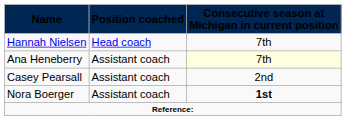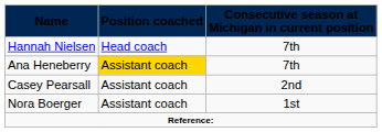 <table class="wikitable" style="font-size:93%;">
 <tr>
 <th style="background:#002654;"><span>Name</span></th>
 <th style="background:#002654;"><span>Position coached</span></th>
 <th style="background:#002654;"><span>Consecutive season at<br>Michigan in current position</span></th>
 </tr>
 <tr>
 <td><a href='#'>Hannah Nielsen</a></td>
 <td><a href='#'>Head coach</a></td>
 <td align=center>7th</td>
 </tr>
 <tr>
 <td>Ana Heneberry</td>
-<td>Assistant coach</td>
-<td align=center style="background: lightyellow;">7th</td>
+<td style="background: gold;">Assistant coach</td>
+<td align=center>7th</td>
 </tr>
 <tr>
 <td>Casey Pearsall</td>
 <td>Assistant coach</td>
 <td align=center>2nd</td>
 </tr>
 <tr>
 <td>Nora Boerger</td>
 <td>Assistant coach</td>
-<td align=center><strong>1st</strong></td>
+<td align=center>1st</td>
 </tr>
 <tr>
 <td colspan="4"  style="font-size:8pt; text-align:center;"><strong>Reference:</strong></td>
 </tr>
 </table>
